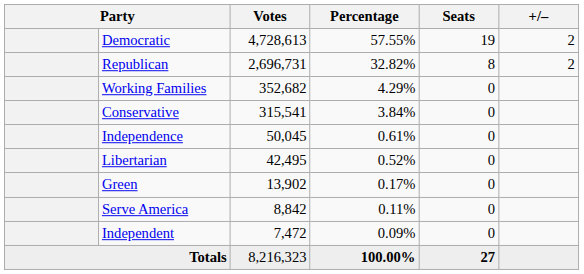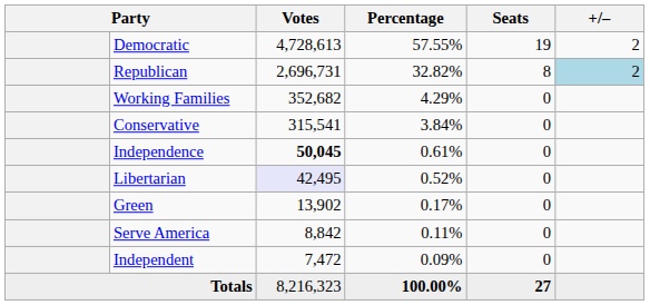 <table class="wikitable" style="font-size: 95%;">
 <tr style="background:#eee; text-align:center;">
 <th colspan=2 style="width: 15em">Party</th>
 <th style="width: 5em">Votes</th>
 <th style="width: 7em">Percentage</th>
 <th style="width: 5em">Seats</th>
 <th style="width: 5em">+/–</th>
 </tr>
 <tr>
 <th style="background:"></th>
 <td style="width: 130px"><a href='#'>Democratic</a></td>
 <td style="text-align:right;">4,728,613</td>
 <td style="text-align:right;">57.55%</td>
 <td style="text-align:right;">19</td>
 <td style="text-align:right;"> 2</td>
 </tr>
 <tr>
 <th style="background:"></th>
 <td style="width: 130px"><a href='#'>Republican</a></td>
 <td style="text-align:right;">2,696,731</td>
 <td style="text-align:right;">32.82%</td>
 <td style="text-align:right;">8</td>
-<td style="text-align:right;"> 2</td>
+<td style="background: lightblue; text-align:right;"> 2</td>
 </tr>
 <tr>
 <th style="background:"></th>
 <td style="width: 130px"><a href='#'>Working Families</a></td>
 <td style="text-align:right;">352,682</td>
 <td style="text-align:right;">4.29%</td>
 <td style="text-align:right;">0</td>
 <td style="text-align:right;"></td>
 </tr>
 <tr>
 <th style="background:"></th>
 <td style="width: 130px"><a href='#'>Conservative</a></td>
 <td style="text-align:right;">315,541</td>
 <td style="text-align:right;">3.84%</td>
 <td style="text-align:right;">0</td>
 <td style="text-align:right;"></td>
 </tr>
 <tr>
 <th style="background:"></th>
 <td style="width: 130px"><a href='#'>Independence</a></td>
-<td style="text-align:right;">50,045</td>
+<td style="text-align:right;"><strong>50,045</strong></td>
 <td style="text-align:right;">0.61%</td>
 <td style="text-align:right;">0</td>
 <td style="text-align:right;"></td>
 </tr>
 <tr>
 <th style="background:"></th>
 <td style="width: 130px"><a href='#'>Libertarian</a></td>
-<td style="text-align:right;">42,495</td>
+<td style="background: lavender; text-align:right;">42,495</td>
 <td style="text-align:right;">0.52%</td>
 <td style="text-align:right;">0</td>
 <td style="text-align:right;"></td>
 </tr>
 <tr>
 <th style="background:"></th>
 <td style="width: 130px"><a href='#'>Green</a></td>
 <td style="text-align:right;">13,902</td>
 <td style="text-align:right;">0.17%</td>
 <td style="text-align:right;">0</td>
 <td style="text-align:right;"></td>
 </tr>
 <tr>
 <th style="background:"></th>
 <td style="width: 130px"><a href='#'>Serve America</a></td>
 <td style="text-align:right;">8,842</td>
 <td style="text-align:right;">0.11%</td>
 <td style="text-align:right;">0</td>
 <td style="text-align:right;"></td>
 </tr>
 <tr>
 <th style="background:"></th>
 <td style="width: 130px"><a href='#'>Independent</a></td>
 <td style="text-align:right;">7,472</td>
 <td style="text-align:right;">0.09%</td>
 <td style="text-align:right;">0</td>
 <td style="text-align:right;"></td>
 </tr>
 <tr style="background:#eee; text-align:right;">
 <td colspan="2"><strong>Totals</strong></td>
 <td>8,216,323</td>
 <td><strong>100.00%</strong></td>
 <td><strong>27</strong></td>
 <td></td>
 </tr>
 </table>
